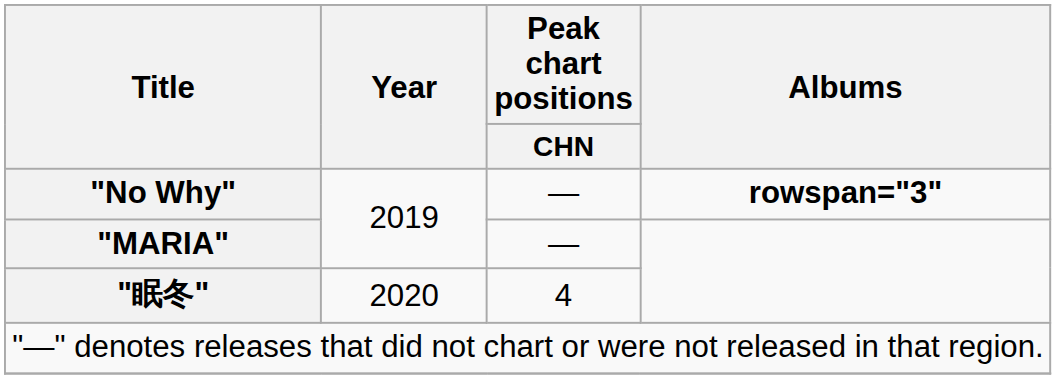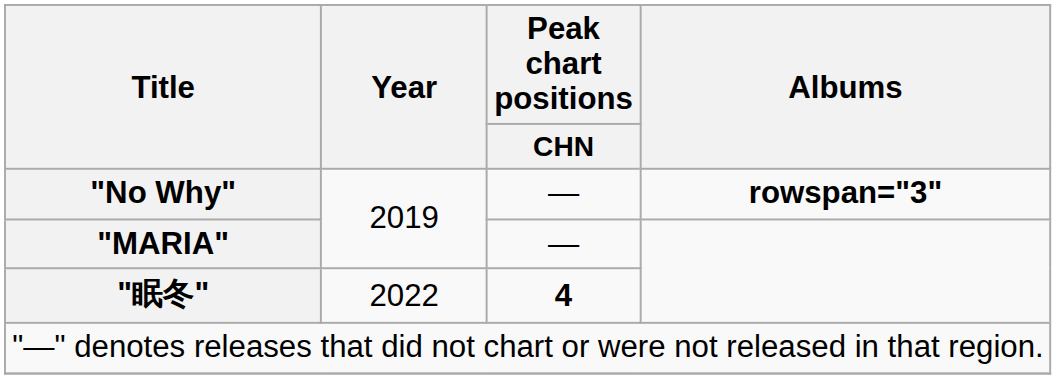 <table class="wikitable plainrowheaders" style="text-align:center;">
 <tr>
 <th scope="col" rowspan="2">Title</th>
 <th scope="col" rowspan="2">Year</th>
 <th colspan="1">Peak chart positions</th>
 <th rowspan="2">Albums</th>
 </tr>
 <tr>
 <th scope="col" style="width:3em;font-size:90%;">CHN<br></th>
 </tr>
 <tr>
 <th scope="row">"No Why"<br></th>
 <td rowspan="2">2019</td>
 <td>—</td>
 <td><strong>rowspan="3" </strong></td>
 </tr>
 <tr>
 <th scope="row">"MARIA"<br></th>
 <td>—</td>
 </tr>
 <tr>
 <th scope="row">"眠冬"<br></th>
-<td rowspan="1">2020</td>
-<td>4</td>
+<td rowspan="1">2022</td>
+<td><strong>4</strong></td>
 </tr>
 <tr>
 <td colspan="4">"—" denotes releases that did not chart or were not released in that region.</td>
 </tr>
 <tr>
 </tr>
 </table>
